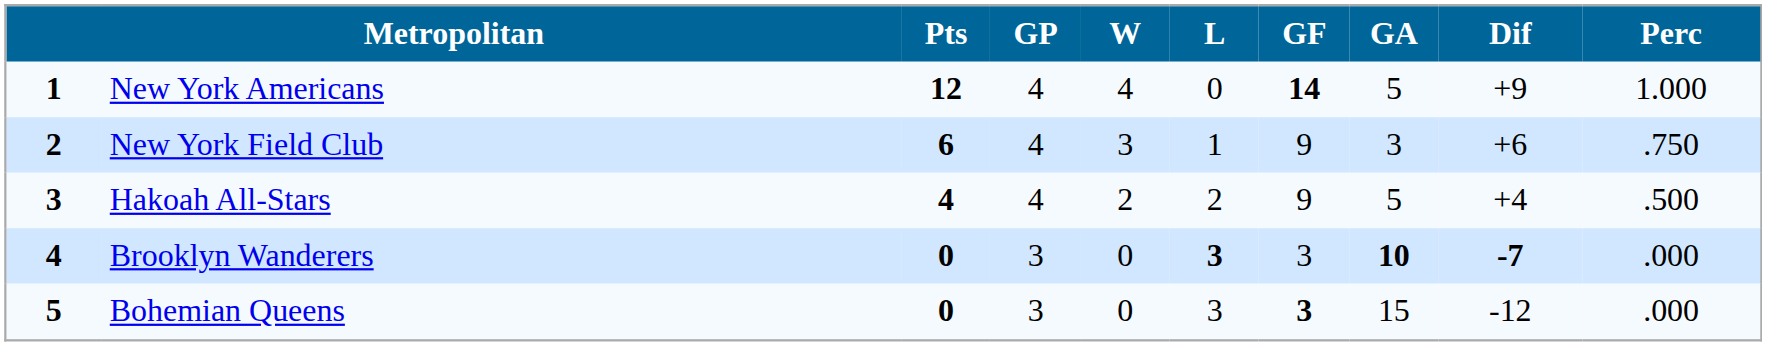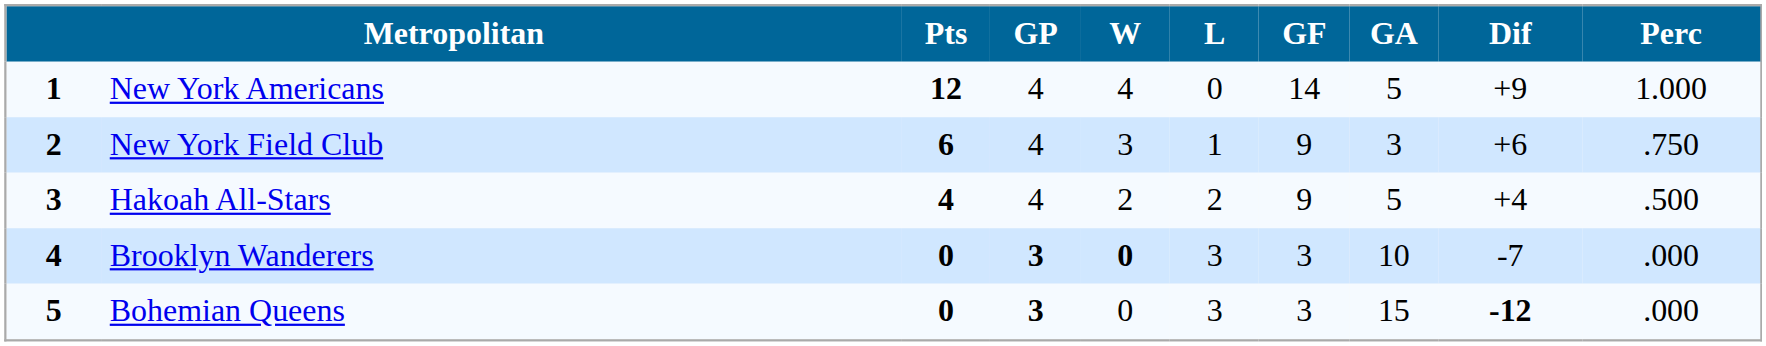 <table align=right width=50% cellpadding="4" cellspacing="0" style="background: #f9f9f9; border: 1px #aaa solid; border-collapse: collapse; font-size: 90%;">
 <tr align=center bgcolor=#006699 style="color:white;">
 <th width=50% colspan=2>Metropolitan</th>
 <th width=5%>Pts</th>
 <th width=5%>GP</th>
 <th width=5%>W</th>
 <th width=5%>L</th>
 <th width=5%>GF</th>
 <th width=5%>GA</th>
 <th width=8%>Dif</th>
 <th width=10%>Perc</th>
 </tr>
 <tr align=center bgcolor=#F5FAFF>
 <td><strong>1</strong></td>
 <td align=left><a href='#'>New York Americans</a></td>
 <td><strong>12</strong></td>
 <td>4</td>
 <td>4</td>
 <td>0</td>
-<td><strong>14</strong></td>
+<td>14</td>
 <td>5</td>
 <td>+9</td>
 <td>1.000</td>
 </tr>
 <tr align=center bgcolor=#D0E7FF>
 <td><strong>2</strong></td>
 <td align=left><a href='#'>New York Field Club</a></td>
 <td><strong>6</strong></td>
 <td>4</td>
 <td>3</td>
 <td>1</td>
 <td>9</td>
 <td>3</td>
 <td>+6</td>
 <td>.750</td>
 </tr>
 <tr align=center bgcolor=#F5FAFF>
 <td><strong>3</strong></td>
 <td align=left><a href='#'>Hakoah All-Stars</a></td>
 <td><strong>4</strong></td>
 <td>4</td>
 <td>2</td>
 <td>2</td>
 <td>9</td>
 <td>5</td>
 <td>+4</td>
 <td>.500</td>
 </tr>
 <tr align=center bgcolor=#D0E7FF>
 <td><strong>4</strong></td>
 <td align=left><a href='#'>Brooklyn Wanderers</a></td>
 <td><strong>0</strong></td>
+<td><strong>3</strong></td>
+<td><strong>0</strong></td>
 <td>3</td>
-<td>0</td>
-<td><strong>3</strong></td>
 <td>3</td>
-<td><strong>10</strong></td>
-<td><strong>-7</strong></td>
+<td>10</td>
+<td>-7</td>
 <td>.000</td>
 </tr>
 <tr align=center bgcolor=#F5FAFF>
 <td><strong>5</strong></td>
 <td align=left><a href='#'>Bohemian Queens</a></td>
 <td><strong>0</strong></td>
-<td>3</td>
+<td><strong>3</strong></td>
 <td>0</td>
 <td>3</td>
-<td><strong>3</strong></td>
+<td>3</td>
 <td>15</td>
-<td>-12</td>
+<td><strong>-12</strong></td>
 <td>.000</td>
 </tr>
 <tr align=center bgcolor=#D0E7FF>
 </tr>
 </table>
